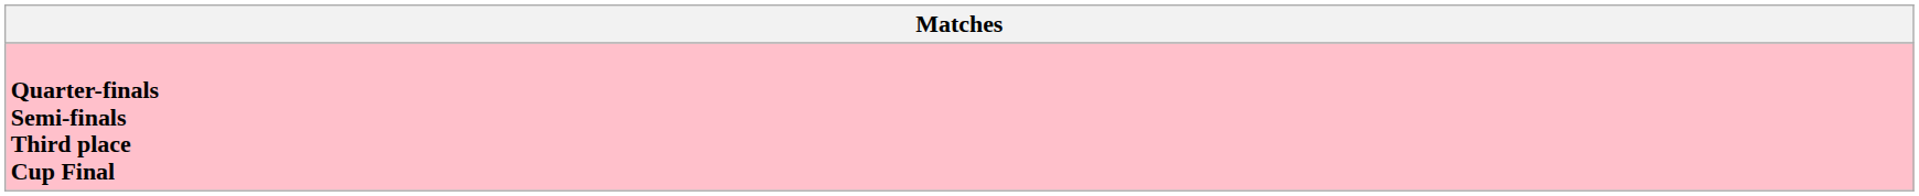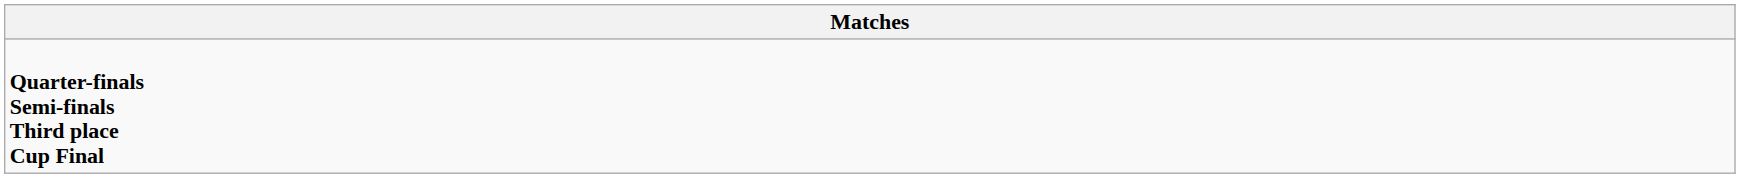 <table class="wikitable collapsible collapsed" style="width:100%;">
 <tr>
 <th>Matches</th>
 </tr>
 <tr>
-<td style="background: pink;"><br><strong>Quarter-finals</strong>       <br><strong>Semi-finals</strong>   <br><strong>Third place</strong> <br><strong>Cup Final</strong> </td>
+<td><br><strong>Quarter-finals</strong>       <br><strong>Semi-finals</strong>   <br><strong>Third place</strong> <br><strong>Cup Final</strong> </td>
 </tr>
 </table>
